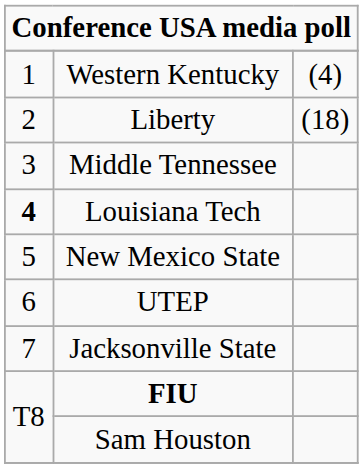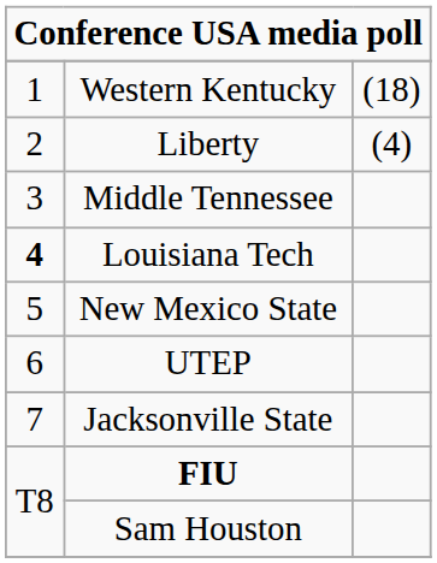 <table class="wikitable" style="display: inline-table;">
 <tr>
 <td align="center" Colspan="3"><strong>Conference USA media poll</strong></td>
 </tr>
 <tr align="center">
 </tr>
 <tr align="center">
 <td>1</td>
 <td>Western Kentucky</td>
-<td>(4)</td>
+<td>(18)</td>
 </tr>
 <tr align="center">
 <td>2</td>
 <td>Liberty</td>
-<td>(18)</td>
+<td>(4)</td>
 </tr>
 <tr align="center">
 <td>3</td>
 <td>Middle Tennessee</td>
 <td></td>
 </tr>
 <tr align="center">
 <td><strong>4</strong></td>
 <td>Louisiana Tech</td>
 <td></td>
 </tr>
 <tr align="center">
 <td>5</td>
 <td>New Mexico State</td>
 <td></td>
 </tr>
 <tr align="center">
 <td>6</td>
 <td>UTEP</td>
 <td></td>
 </tr>
 <tr align="center">
 <td>7</td>
 <td>Jacksonville State</td>
 <td></td>
 </tr>
 <tr align="center">
 <td rowspan=2>T8</td>
 <td><strong>FIU</strong></td>
 <td></td>
 </tr>
 <tr align="center">
 <td>Sam Houston</td>
 <td></td>
 </tr>
 <tr>
 </tr>
 </table>
